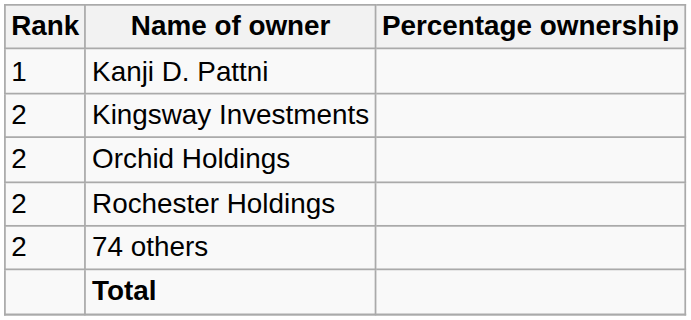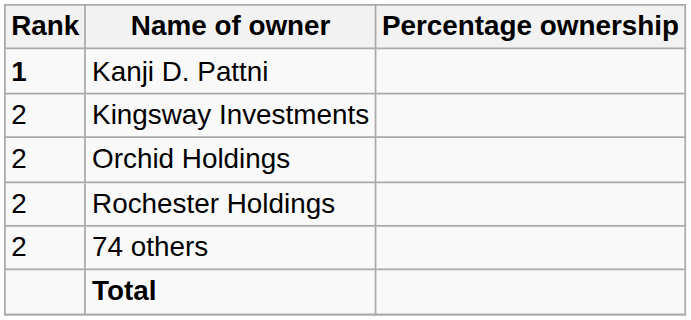 <table class="wikitable sortable" style="margin:0.5em auto">
 <tr>
 <th>Rank</th>
 <th>Name of owner</th>
 <th>Percentage ownership</th>
 </tr>
 <tr>
-<td>1</td>
+<td><strong>1</strong></td>
 <td>Kanji D. Pattni</td>
 <td></td>
 </tr>
 <tr>
 <td>2</td>
 <td>Kingsway Investments</td>
 <td></td>
 </tr>
 <tr>
 <td>2</td>
 <td>Orchid Holdings</td>
 <td></td>
 </tr>
 <tr>
 <td>2</td>
 <td>Rochester Holdings</td>
 <td></td>
 </tr>
 <tr>
 <td>2</td>
 <td>74 others</td>
 <td></td>
 </tr>
 <tr>
 <td></td>
 <td><strong>Total</strong></td>
 <td></td>
 </tr>
 <tr>
 </tr>
 </table>
